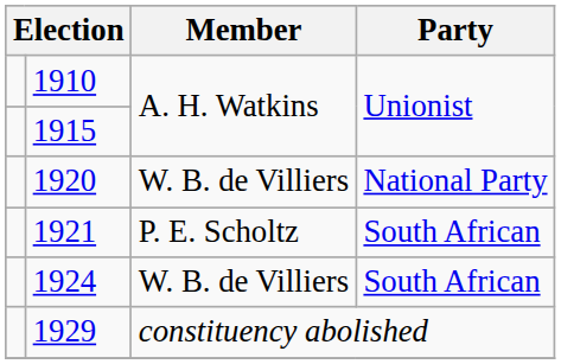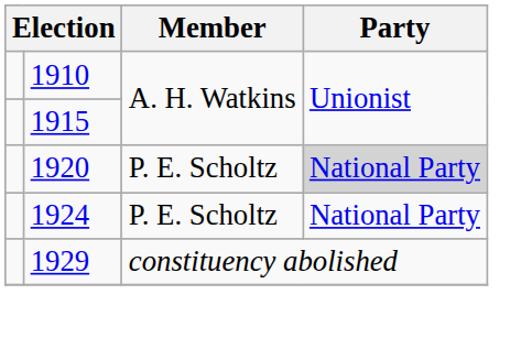 <table class="wikitable">
 <tr>
 <th colspan="2">Election</th>
 <th>Member</th>
 <th>Party</th>
 </tr>
 <tr>
 <td style="background-color: "></td>
 <td><a href='#'>1910</a></td>
 <td rowspan="2">A. H. Watkins</td>
 <td rowspan="2"><a href='#'>Unionist</a></td>
 </tr>
 <tr>
 <td style="background-color: "></td>
 <td><a href='#'>1915</a></td>
 </tr>
 <tr>
 <td style="background-color: "></td>
 <td><a href='#'>1920</a></td>
-<td>W. B. de Villiers</td>
-<td><a href='#'>National Party</a></td>
-</tr>
-<tr>
-<td style="background-color: "></td>
-<td><a href='#'>1921</a></td>
 <td>P. E. Scholtz</td>
-<td><a href='#'>South African</a></td>
+<td style="background: lightgrey;"><a href='#'>National Party</a></td>
 </tr>
 <tr>
 <td style="background-color: "></td>
 <td><a href='#'>1924</a></td>
-<td>W. B. de Villiers</td>
-<td><a href='#'>South African</a></td>
+<td>P. E. Scholtz</td>
+<td><a href='#'>National Party</a></td>
 </tr>
 <tr>
 <td style="background-color: "></td>
 <td><a href='#'>1929</a></td>
 <td colspan="2"><em>constituency abolished</em></td>
 </tr>
 <tr>
 </tr>
 </table>
